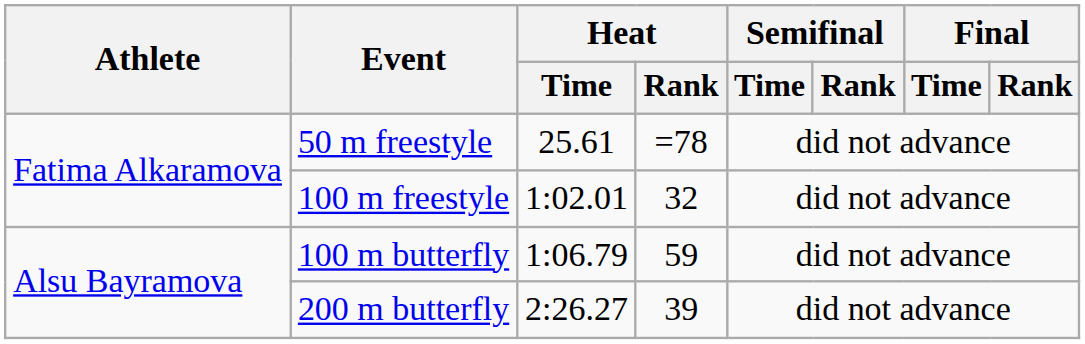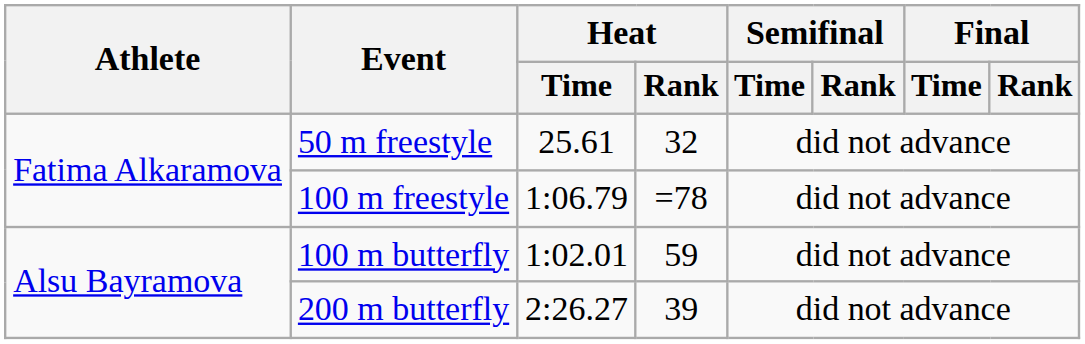 <table class=wikitable style="font-size:90%">
 <tr>
 <th rowspan="2">Athlete</th>
 <th rowspan="2">Event</th>
 <th colspan="2">Heat</th>
 <th colspan="2">Semifinal</th>
 <th colspan="2">Final</th>
 </tr>
 <tr style="font-size:95%">
 <th>Time</th>
 <th>Rank</th>
 <th>Time</th>
 <th>Rank</th>
 <th>Time</th>
 <th>Rank</th>
 </tr>
 <tr align=center>
 <td align=left rowspan=2><a href='#'>Fatima Alkaramova</a></td>
 <td align=left><a href='#'>50 m freestyle</a></td>
 <td>25.61</td>
-<td>=78</td>
+<td>32</td>
 <td colspan=4>did not advance</td>
 </tr>
 <tr align=center>
 <td align=left><a href='#'>100 m freestyle</a></td>
-<td>1:02.01</td>
-<td>32</td>
+<td>1:06.79</td>
+<td>=78</td>
 <td colspan=4>did not advance</td>
 </tr>
 <tr align=center>
 <td align=left rowspan=2><a href='#'>Alsu Bayramova</a></td>
 <td align=left><a href='#'>100 m butterfly</a></td>
-<td>1:06.79</td>
+<td>1:02.01</td>
 <td>59</td>
 <td colspan=4>did not advance</td>
 </tr>
 <tr align=center>
 <td align=left><a href='#'>200 m butterfly</a></td>
 <td>2:26.27</td>
 <td>39</td>
 <td colspan=4>did not advance</td>
 </tr>
 </table>
